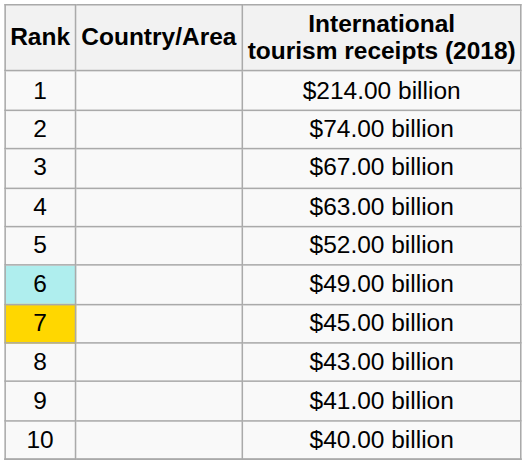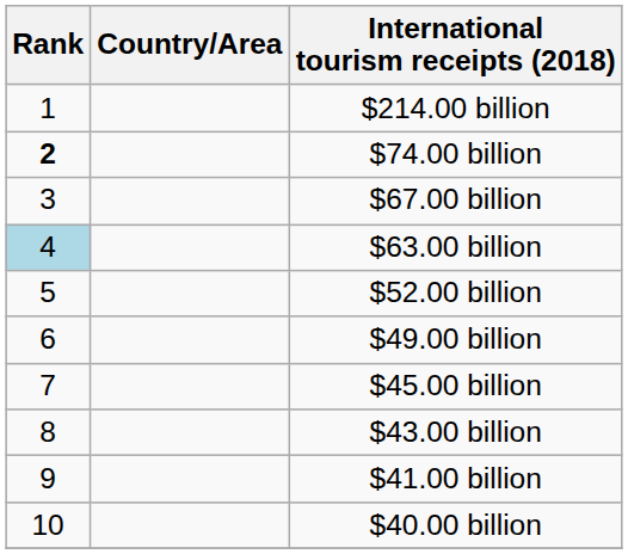 <table class="wikitable sortable" style="margin:1em auto 1em auto;">
 <tr>
 <th>Rank</th>
 <th>Country/Area</th>
 <th>International<br>tourism receipts (2018)</th>
 </tr>
 <tr align="center">
 <td>1</td>
 <td align="left"></td>
 <td>$214.00 billion</td>
 </tr>
 <tr align="center">
-<td>2</td>
+<td><strong>2</strong></td>
 <td align="left"></td>
 <td>$74.00 billion</td>
 </tr>
 <tr align="center">
 <td>3</td>
 <td align="left"></td>
 <td>$67.00 billion</td>
 </tr>
 <tr align="center">
-<td>4</td>
+<td style="background: lightblue;">4</td>
 <td align="left"></td>
 <td>$63.00 billion</td>
 </tr>
 <tr align="center">
 <td>5</td>
 <td align="left"></td>
 <td>$52.00 billion</td>
 </tr>
 <tr align="center">
-<td style="background: paleturquoise;">6</td>
+<td>6</td>
 <td align="left"></td>
 <td>$49.00 billion</td>
 </tr>
 <tr align="center">
-<td style="background: gold;">7</td>
+<td>7</td>
 <td align="left"></td>
 <td>$45.00 billion</td>
 </tr>
 <tr align="center">
 <td>8</td>
 <td align="left"></td>
 <td>$43.00 billion</td>
 </tr>
 <tr align="center">
 <td>9</td>
 <td align="left"></td>
 <td>$41.00 billion</td>
 </tr>
 <tr align="center">
 <td>10</td>
 <td align="left"></td>
 <td>$40.00 billion</td>
 </tr>
 <tr align="center">
 </tr>
 </table>
